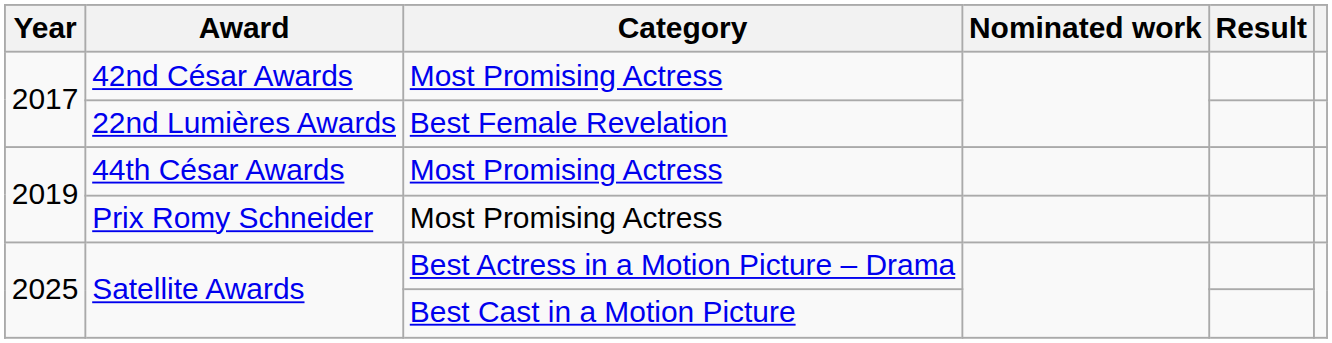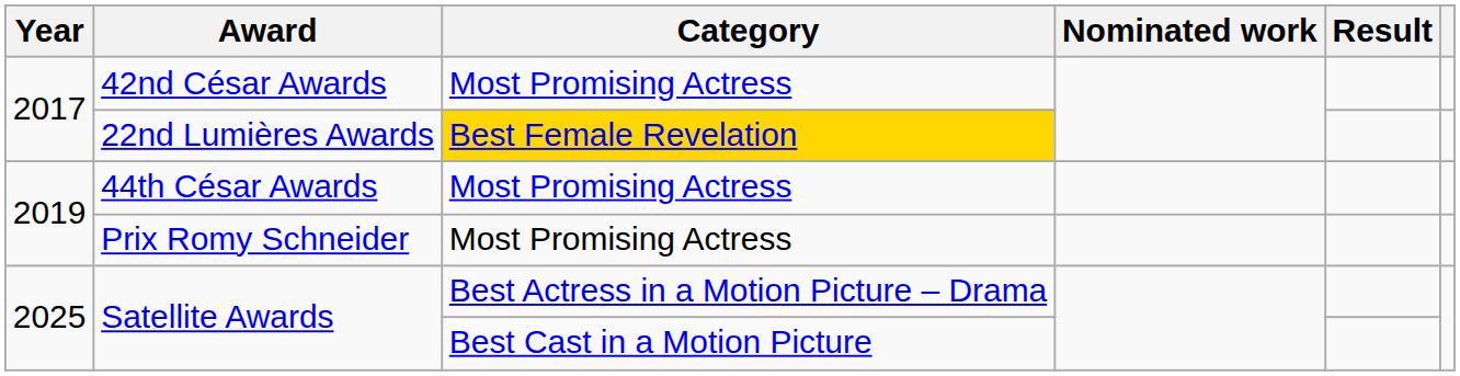 <table class="wikitable">
 <tr>
 <th>Year</th>
 <th>Award</th>
 <th>Category</th>
 <th>Nominated work</th>
 <th>Result</th>
 <th></th>
 </tr>
 <tr>
 <td rowspan=2>2017</td>
 <td><a href='#'>42nd César Awards</a></td>
 <td><a href='#'>Most Promising Actress</a></td>
 <td rowspan=2></td>
 <td></td>
 <td></td>
 </tr>
 <tr>
 <td><a href='#'>22nd Lumières Awards</a></td>
-<td><a href='#'>Best Female Revelation</a></td>
+<td style="background: gold;"><a href='#'>Best Female Revelation</a></td>
 <td></td>
 <td></td>
 </tr>
 <tr>
 <td rowspan=2>2019</td>
 <td><a href='#'>44th César Awards</a></td>
 <td><a href='#'>Most Promising Actress</a></td>
 <td></td>
 <td></td>
 <td></td>
 </tr>
 <tr>
 <td><a href='#'>Prix Romy Schneider</a></td>
 <td>Most Promising Actress</td>
 <td></td>
 <td></td>
 <td></td>
 </tr>
 <tr>
 <td rowspan=2>2025</td>
 <td rowspan=2><a href='#'>Satellite Awards</a></td>
 <td><a href='#'>Best Actress in a Motion Picture – Drama</a></td>
 <td rowspan=2></td>
 <td></td>
 <td rowspan=2></td>
 </tr>
 <tr>
 <td><a href='#'>Best Cast in a Motion Picture</a></td>
 <td></td>
 </tr>
 </table>
